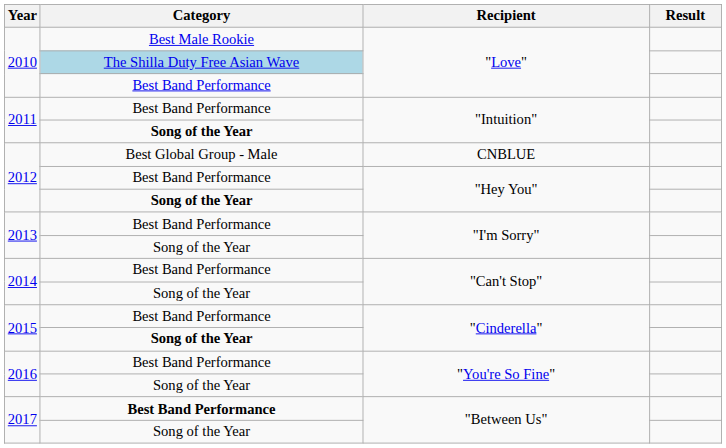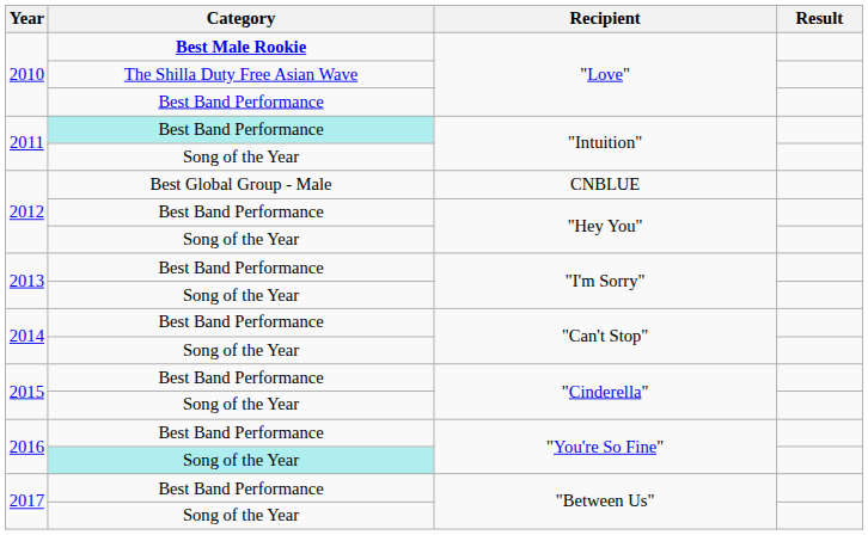 <table class="wikitable" style="text-align:center">
 <tr>
 <th width="5%">Year</th>
 <th width="45%">Category</th>
 <th width="40%">Recipient</th>
 <th width="10%">Result</th>
 </tr>
 <tr>
 <td rowspan="3"><a href='#'>2010</a></td>
-<td><a href='#'>Best Male Rookie</a></td>
+<td><strong><a href='#'>Best Male Rookie</a></strong></td>
 <td rowspan="3">"<a href='#'>Love</a>"</td>
 <td></td>
 </tr>
 <tr>
-<td style="background: lightblue;"><a href='#'>The Shilla Duty Free Asian Wave</a></td>
+<td><a href='#'>The Shilla Duty Free Asian Wave</a></td>
 <td></td>
 </tr>
 <tr>
 <td><a href='#'>Best Band Performance</a></td>
 <td></td>
 </tr>
 <tr>
 <td rowspan="2"><a href='#'>2011</a></td>
-<td>Best Band Performance</td>
+<td style="background: paleturquoise;">Best Band Performance</td>
 <td rowspan="2">"Intuition"</td>
 <td></td>
 </tr>
 <tr>
-<td><strong>Song of the Year</strong></td>
+<td>Song of the Year</td>
 <td></td>
 </tr>
 <tr>
 <td rowspan="3"><a href='#'>2012</a></td>
 <td>Best Global Group - Male</td>
 <td align=center>CNBLUE</td>
 <td></td>
 </tr>
 <tr>
 <td>Best Band Performance</td>
 <td rowspan="2">"Hey You"</td>
 <td></td>
 </tr>
 <tr>
-<td><strong>Song of the Year</strong></td>
+<td>Song of the Year</td>
 <td></td>
 </tr>
 <tr>
 <td rowspan="2"><a href='#'>2013</a></td>
 <td>Best Band Performance</td>
 <td align=center rowspan=2>"I'm Sorry"</td>
 <td></td>
 </tr>
 <tr>
 <td>Song of the Year</td>
 <td></td>
 </tr>
 <tr>
 <td rowspan="2"><a href='#'>2014</a></td>
 <td>Best Band Performance</td>
 <td rowspan="2">"Can't Stop"</td>
 <td></td>
 </tr>
 <tr>
 <td>Song of the Year</td>
 <td></td>
 </tr>
 <tr>
 <td rowspan="2"><a href='#'>2015</a></td>
 <td>Best Band Performance</td>
 <td rowspan="2">"<a href='#'>Cinderella</a>"</td>
 <td></td>
 </tr>
 <tr>
-<td><strong>Song of the Year</strong></td>
+<td>Song of the Year</td>
 <td></td>
 </tr>
 <tr>
 <td rowspan="2"><a href='#'>2016</a></td>
 <td>Best Band Performance</td>
 <td rowspan="2">"<a href='#'>You're So Fine</a>"</td>
 <td></td>
 </tr>
 <tr>
-<td>Song of the Year</td>
+<td style="background: paleturquoise;">Song of the Year</td>
 <td></td>
 </tr>
 <tr>
 <td rowspan="2"><a href='#'>2017</a></td>
-<td><strong>Best Band Performance</strong></td>
+<td>Best Band Performance</td>
 <td rowspan="2">"Between Us"</td>
 <td></td>
 </tr>
 <tr>
 <td>Song of the Year</td>
 <td></td>
 </tr>
 </table>
